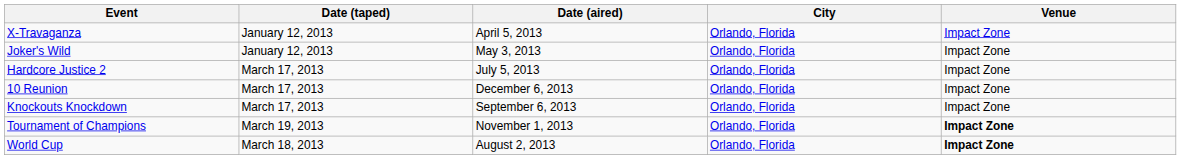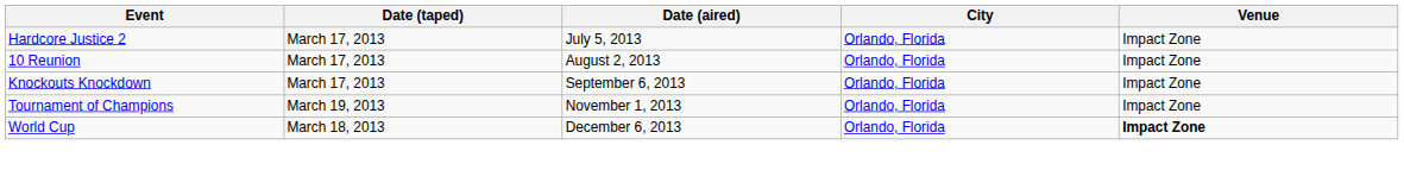 <table class="wikitable sortable" width="100%" style="align: center">
 <tr>
 <th width=20%>Event</th>
 <th width=20%>Date (taped)</th>
 <th width=20%>Date (aired)</th>
 <th width=20%>City</th>
 <th width=20%>Venue</th>
-</tr>
-<tr>
-<td><a href='#'>X-Travaganza</a></td>
-<td>January 12, 2013</td>
-<td>April 5, 2013</td>
-<td><a href='#'>Orlando, Florida</a></td>
-<td><a href='#'>Impact Zone</a></td>
-</tr>
-<tr>
-<td><a href='#'>Joker's Wild</a></td>
-<td>January 12, 2013</td>
-<td>May 3, 2013</td>
-<td><a href='#'>Orlando, Florida</a></td>
-<td>Impact Zone</td>
 </tr>
 <tr>
 <td><a href='#'>Hardcore Justice 2</a></td>
 <td>March 17, 2013</td>
 <td>July 5, 2013</td>
 <td><a href='#'>Orlando, Florida</a></td>
 <td>Impact Zone</td>
 </tr>
 <tr>
 <td><a href='#'>10 Reunion</a></td>
 <td>March 17, 2013</td>
-<td>December 6, 2013</td>
+<td>August 2, 2013</td>
 <td><a href='#'>Orlando, Florida</a></td>
 <td>Impact Zone</td>
 </tr>
 <tr>
 <td><a href='#'>Knockouts Knockdown</a></td>
 <td>March 17, 2013</td>
 <td>September 6, 2013</td>
 <td><a href='#'>Orlando, Florida</a></td>
 <td>Impact Zone</td>
 </tr>
 <tr>
 <td><a href='#'>Tournament of Champions</a></td>
 <td>March 19, 2013</td>
 <td>November 1, 2013</td>
 <td><a href='#'>Orlando, Florida</a></td>
-<td><strong>Impact Zone</strong></td>
+<td>Impact Zone</td>
 </tr>
 <tr>
 <td><a href='#'>World Cup</a></td>
 <td>March 18, 2013</td>
-<td>August 2, 2013</td>
+<td>December 6, 2013</td>
 <td><a href='#'>Orlando, Florida</a></td>
 <td><strong>Impact Zone</strong></td>
 </tr>
 </table>
